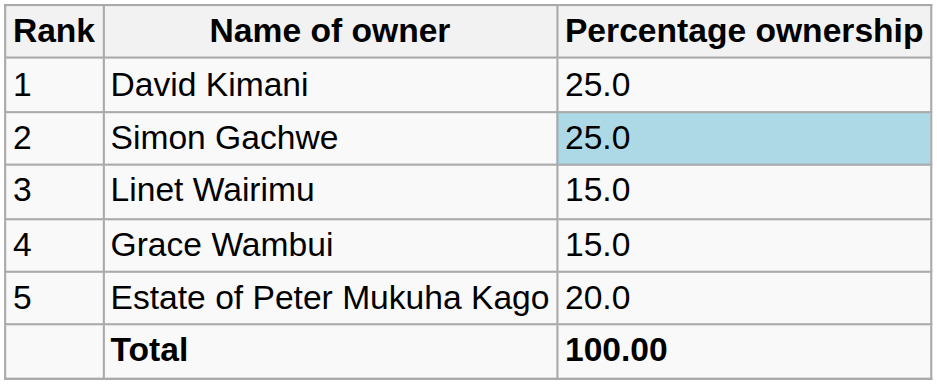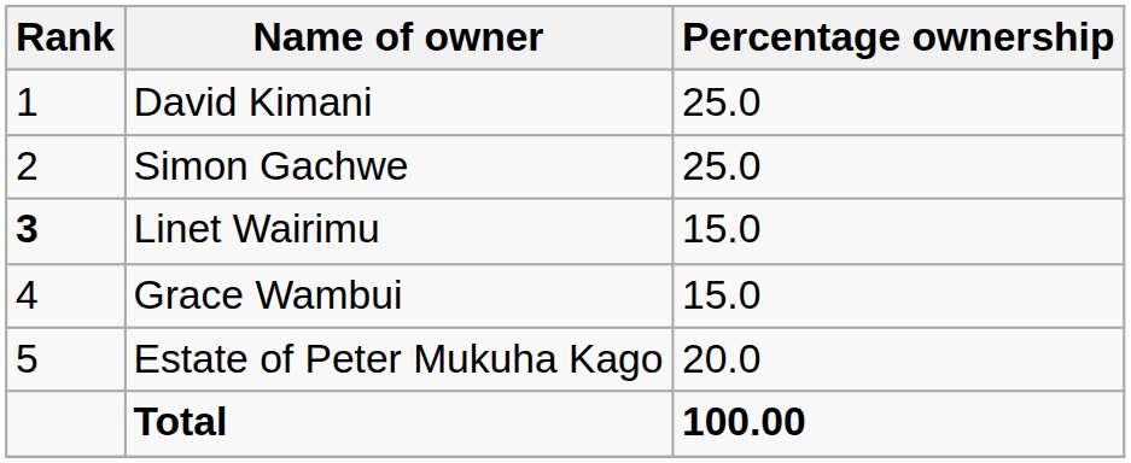 <table class="wikitable sortable" style="margin: 0.5em auto">
 <tr>
 <th>Rank</th>
 <th>Name of owner</th>
 <th>Percentage ownership</th>
 </tr>
 <tr>
 <td>1</td>
 <td>David Kimani</td>
 <td>25.0</td>
 </tr>
 <tr>
 <td>2</td>
 <td>Simon Gachwe</td>
-<td style="background: lightblue;">25.0</td>
+<td>25.0</td>
 </tr>
 <tr>
-<td>3</td>
+<td><strong>3</strong></td>
 <td>Linet Wairimu</td>
 <td>15.0</td>
 </tr>
 <tr>
 <td>4</td>
 <td>Grace Wambui</td>
 <td>15.0</td>
 </tr>
 <tr>
 <td>5</td>
 <td>Estate of Peter Mukuha Kago</td>
 <td>20.0</td>
 </tr>
 <tr>
 <td></td>
 <td><strong>Total</strong></td>
 <td><strong>100.00</strong></td>
 </tr>
 <tr>
 </tr>
 </table>
